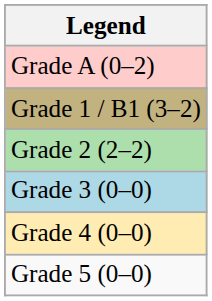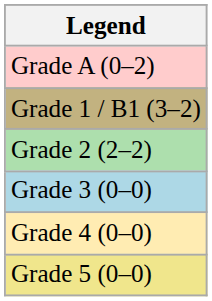 <table class="wikitable" style="font-size:85%;">
 <tr>
 <th>Legend</th>
 </tr>
 <tr bgcolor="ffcccc">
 <td>Grade A (0–2)</td>
 </tr>
 <tr bgcolor="C2B280">
 <td>Grade 1 / B1 (3–2)</td>
 </tr>
 <tr bgcolor="ADDFAD">
 <td>Grade 2 (2–2)</td>
 </tr>
 <tr bgcolor="lightblue">
 <td>Grade 3 (0–0)</td>
 </tr>
 <tr bgcolor="ffecb2">
 <td>Grade 4 (0–0)</td>
 </tr>
 <tr>
-<td>Grade 5 (0–0)</td>
+<td style="background: khaki;">Grade 5 (0–0)</td>
 </tr>
 </table>
